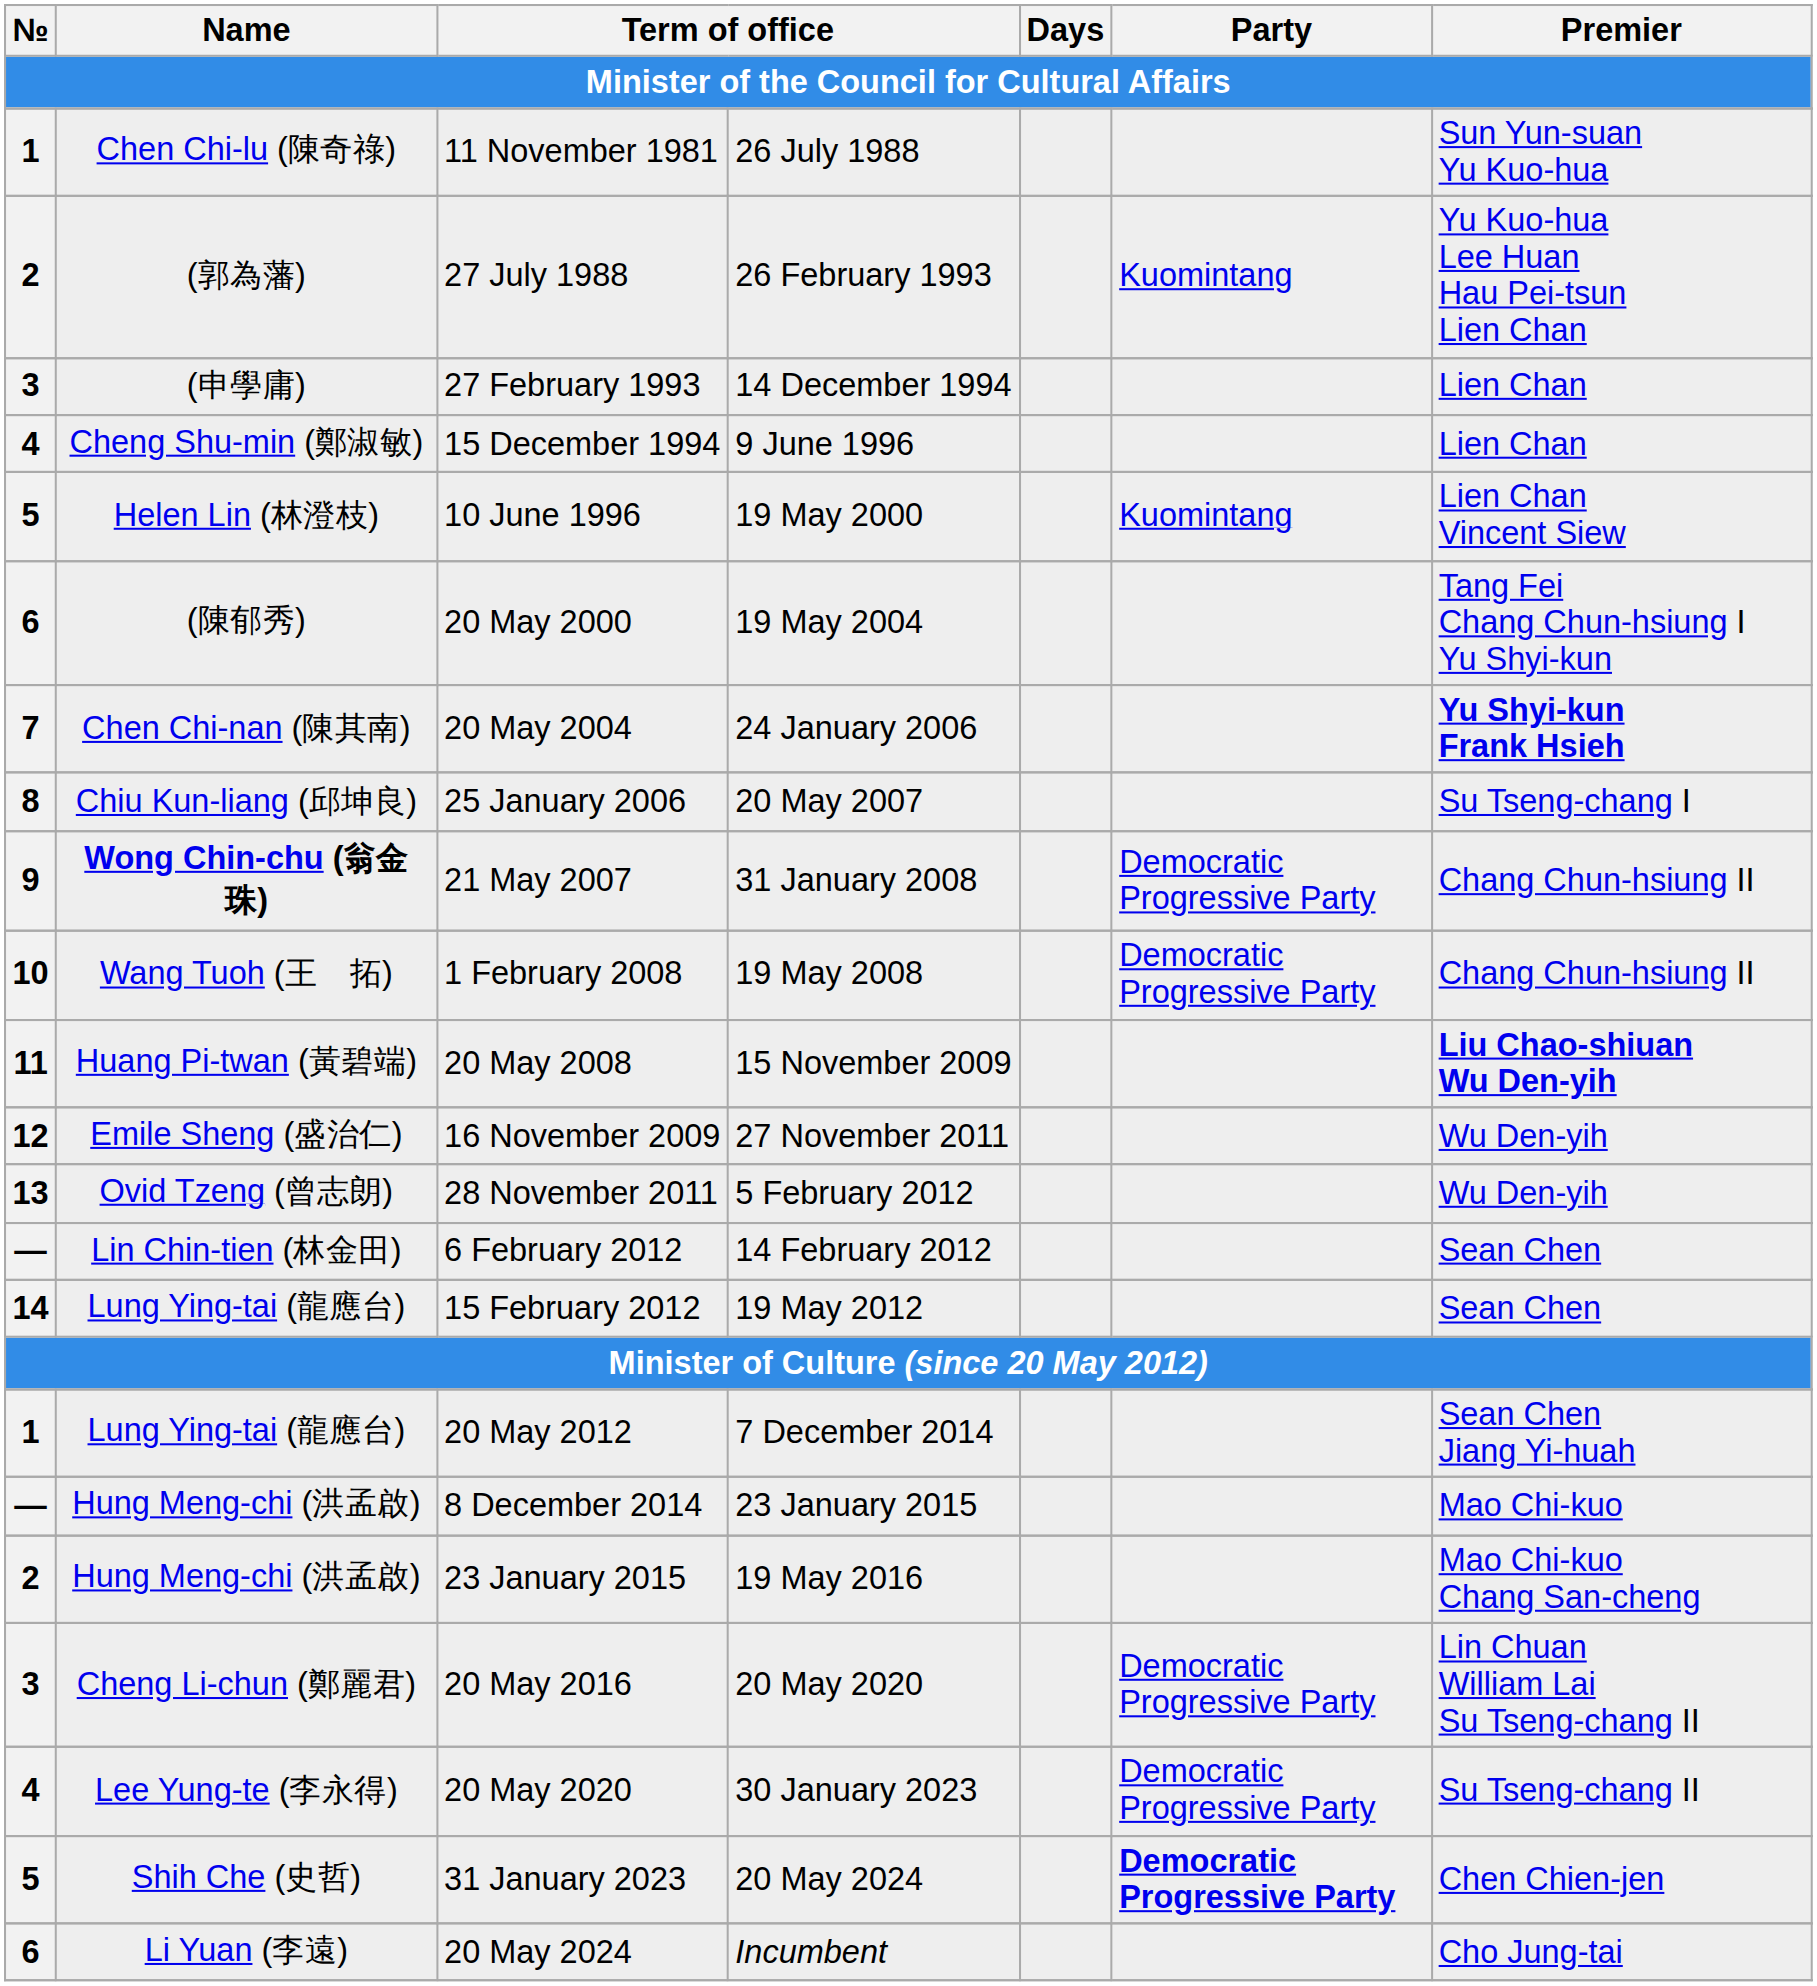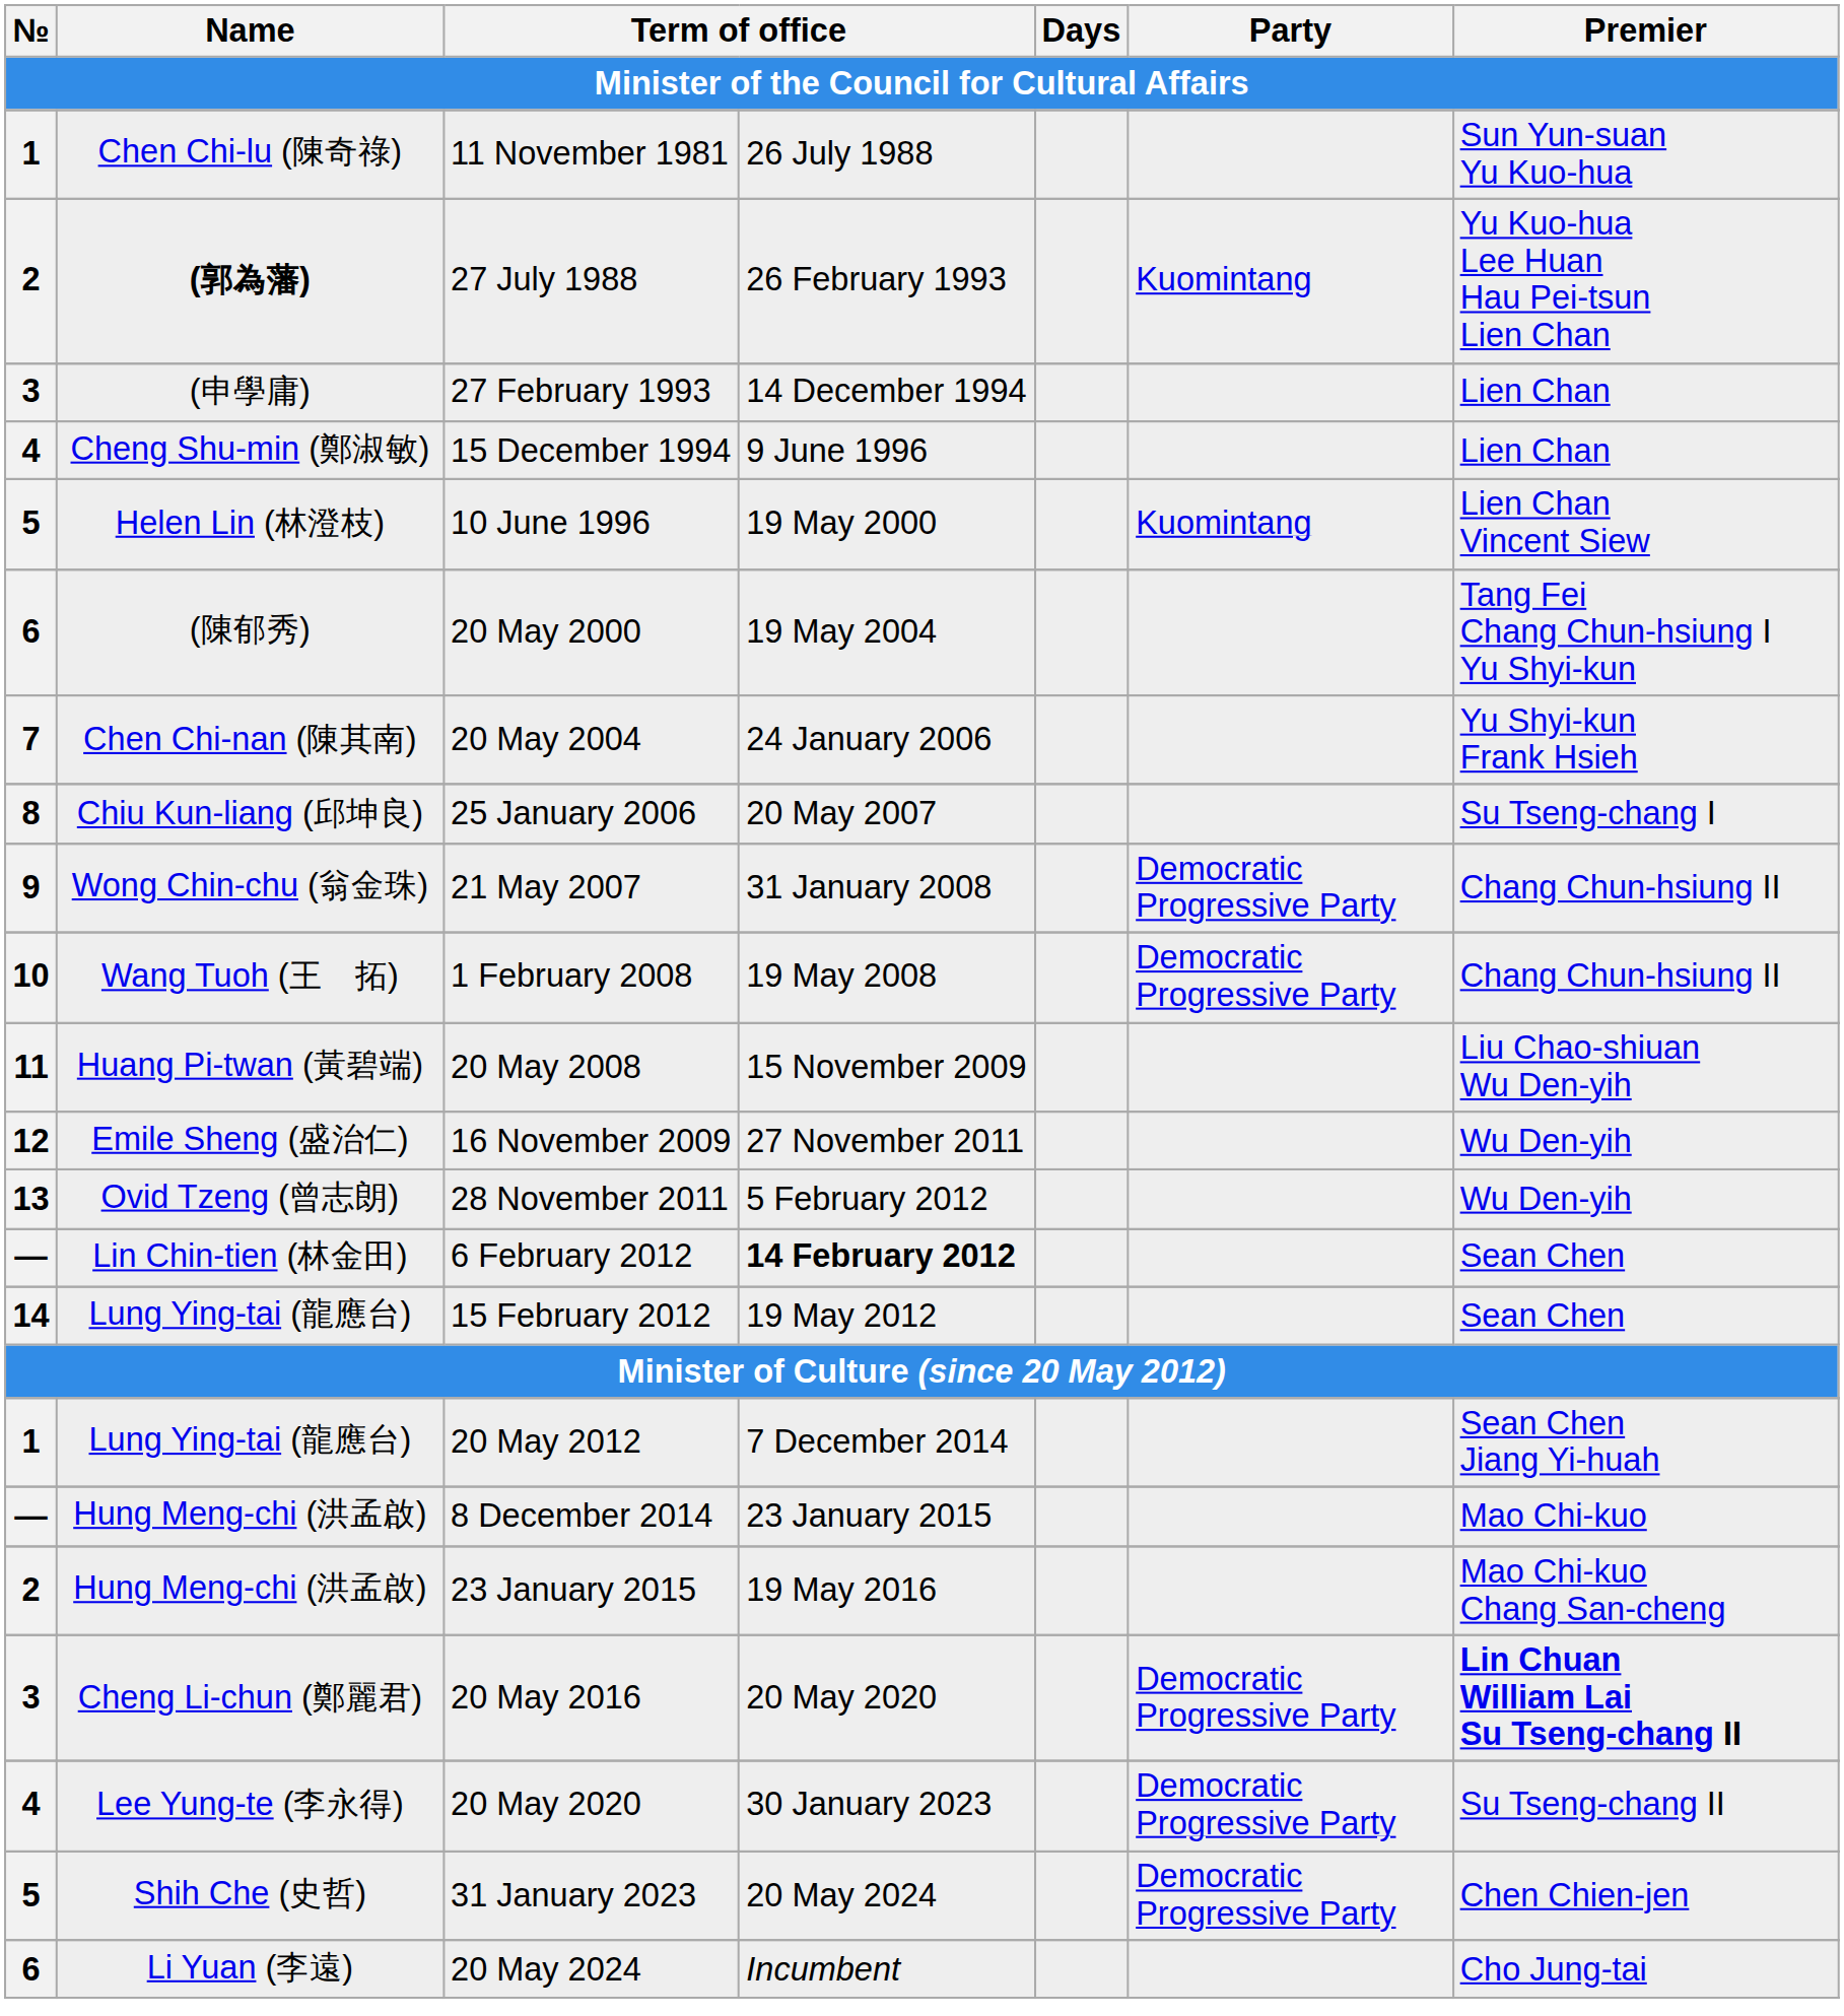 <table class="wikitable">
 <tr ->
 <th>№</th>
 <th width="180">Name</th>
 <th colspan=2 width="180">Term of office</th>
 <th>Days</th>
 <th width="150">Party</th>
 <th width="180">Premier</th>
 </tr>
 <tr ->
 <th colspan=7 style="background:#318CE7; color:white;">Minister of the Council for Cultural Affairs</th>
 </tr>
 <tr ->
 </tr>
 <tr - bgcolor=#EEEEEE>
 <th style="background:">1</th>
 <td align=center><a href='#'>Chen Chi-lu</a> (陳奇祿)</td>
 <td>11 November 1981</td>
 <td>26 July 1988</td>
 <td></td>
 <td></td>
 <td><a href='#'>Sun Yun-suan</a><br><a href='#'>Yu Kuo-hua</a></td>
 </tr>
 <tr ->
 </tr>
 <tr - bgcolor=#EEEEEE>
 <th style="background:">2</th>
-<td align=center> (郭為藩)</td>
+<td align=center><strong> (郭為藩)</strong></td>
 <td>27 July 1988</td>
 <td>26 February 1993</td>
 <td></td>
 <td><a href='#'>Kuomintang</a></td>
 <td><a href='#'>Yu Kuo-hua</a><br><a href='#'>Lee Huan</a><br><a href='#'>Hau Pei-tsun</a><br><a href='#'>Lien Chan</a></td>
 </tr>
 <tr ->
 </tr>
 <tr - bgcolor=#EEEEEE>
 <th style="background:">3</th>
 <td align=center> (申學庸)</td>
 <td>27 February 1993</td>
 <td>14 December 1994</td>
 <td></td>
 <td></td>
 <td><a href='#'>Lien Chan</a></td>
 </tr>
 <tr ->
 </tr>
 <tr - bgcolor=#EEEEEE>
 <th style="background:">4</th>
 <td align=center><a href='#'>Cheng Shu-min</a> (鄭淑敏)</td>
 <td>15 December 1994</td>
 <td>9 June 1996</td>
 <td></td>
 <td></td>
 <td><a href='#'>Lien Chan</a></td>
 </tr>
 <tr ->
 </tr>
 <tr - bgcolor=#EEEEEE>
 <th style="background:">5</th>
 <td align=center><a href='#'>Helen Lin</a> (林澄枝)</td>
 <td>10 June 1996</td>
 <td>19 May 2000</td>
 <td></td>
 <td><a href='#'>Kuomintang</a></td>
 <td><a href='#'>Lien Chan</a><br><a href='#'>Vincent Siew</a></td>
 </tr>
 <tr ->
 </tr>
 <tr - bgcolor=#EEEEEE>
 <th style="background:">6</th>
 <td align=center> (陳郁秀)</td>
 <td>20 May 2000</td>
 <td>19 May 2004</td>
 <td></td>
 <td></td>
 <td><a href='#'>Tang Fei</a><br><a href='#'>Chang Chun-hsiung</a> I<br><a href='#'>Yu Shyi-kun</a></td>
 </tr>
 <tr ->
 </tr>
 <tr - bgcolor=#EEEEEE>
 <th style="background:">7</th>
 <td align=center><a href='#'>Chen Chi-nan</a> (陳其南)</td>
 <td>20 May 2004</td>
 <td>24 January 2006</td>
 <td></td>
 <td></td>
-<td><strong><a href='#'>Yu Shyi-kun</a><br><a href='#'>Frank Hsieh</a></strong></td>
+<td><a href='#'>Yu Shyi-kun</a><br><a href='#'>Frank Hsieh</a></td>
 </tr>
 <tr ->
 </tr>
 <tr - bgcolor=#EEEEEE>
 <th style="background:">8</th>
 <td align=center><a href='#'>Chiu Kun-liang</a> (邱坤良)</td>
 <td>25 January 2006</td>
 <td>20 May 2007</td>
 <td></td>
 <td></td>
 <td><a href='#'>Su Tseng-chang</a> I</td>
 </tr>
 <tr ->
 </tr>
 <tr - bgcolor=#EEEEEE>
 <th style="background:">9</th>
-<td align=center><strong><a href='#'>Wong Chin-chu</a> (翁金珠)</strong></td>
+<td align=center><a href='#'>Wong Chin-chu</a> (翁金珠)</td>
 <td>21 May 2007</td>
 <td>31 January 2008</td>
 <td></td>
 <td><a href='#'>Democratic Progressive Party</a></td>
 <td><a href='#'>Chang Chun-hsiung</a> II</td>
 </tr>
 <tr ->
 </tr>
 <tr - bgcolor=#EEEEEE>
 <th style="background:">10</th>
 <td align=center><a href='#'>Wang Tuoh</a> (王　拓)</td>
 <td>1 February 2008</td>
 <td>19 May 2008</td>
 <td></td>
 <td><a href='#'>Democratic Progressive Party</a></td>
 <td><a href='#'>Chang Chun-hsiung</a> II</td>
 </tr>
 <tr ->
 </tr>
 <tr - bgcolor=#EEEEEE>
 <th style="background:">11</th>
 <td align=center><a href='#'>Huang Pi-twan</a> (黃碧端)</td>
 <td>20 May 2008</td>
 <td>15 November 2009</td>
 <td></td>
 <td></td>
-<td><strong><a href='#'>Liu Chao-shiuan</a><br><a href='#'>Wu Den-yih</a></strong></td>
+<td><a href='#'>Liu Chao-shiuan</a><br><a href='#'>Wu Den-yih</a></td>
 </tr>
 <tr ->
 </tr>
 <tr - bgcolor=#EEEEEE>
 <th style="background:">12</th>
 <td align=center><a href='#'>Emile Sheng</a> (盛治仁)</td>
 <td>16 November 2009</td>
 <td>27 November 2011</td>
 <td></td>
 <td></td>
 <td><a href='#'>Wu Den-yih</a></td>
 </tr>
 <tr ->
 </tr>
 <tr - bgcolor=#EEEEEE>
 <th style="background:">13</th>
 <td align=center><a href='#'>Ovid Tzeng</a> (曾志朗)</td>
 <td>28 November 2011</td>
 <td>5 February 2012</td>
 <td></td>
 <td></td>
 <td><a href='#'>Wu Den-yih</a></td>
 </tr>
 <tr ->
 </tr>
 <tr - bgcolor=#EEEEEE>
 <th style="background:">—</th>
 <td align=center><a href='#'>Lin Chin-tien</a> (林金田)</td>
 <td>6 February 2012</td>
-<td>14 February 2012</td>
+<td><strong>14 February 2012</strong></td>
 <td></td>
 <td></td>
 <td><a href='#'>Sean Chen</a></td>
 </tr>
 <tr ->
 </tr>
 <tr - bgcolor=#EEEEEE>
 <th style="background:">14</th>
 <td align=center><a href='#'>Lung Ying-tai</a> (龍應台)</td>
 <td>15 February 2012</td>
 <td>19 May 2012</td>
 <td></td>
 <td></td>
 <td><a href='#'>Sean Chen</a></td>
 </tr>
 <tr ->
 <th colspan=7 style="background:#318CE7; color:white;">Minister of Culture <em>(since 20 May 2012)</em></th>
 </tr>
 <tr ->
 </tr>
 <tr - bgcolor=#EEEEEE>
 <th style="background:">1</th>
 <td align=center><a href='#'>Lung Ying-tai</a> (龍應台)</td>
 <td>20 May 2012</td>
 <td>7 December 2014</td>
 <td></td>
 <td></td>
 <td><a href='#'>Sean Chen</a><br><a href='#'>Jiang Yi-huah</a></td>
 </tr>
 <tr ->
 </tr>
 <tr - bgcolor=#EEEEEE>
 <th style="background:">—</th>
 <td align=center><a href='#'>Hung Meng-chi</a> (洪孟啟)</td>
 <td>8 December 2014</td>
 <td>23 January 2015</td>
 <td></td>
 <td></td>
 <td><a href='#'>Mao Chi-kuo</a></td>
 </tr>
 <tr ->
 </tr>
 <tr - bgcolor=#EEEEEE>
 <th style="background:">2</th>
 <td align=center><a href='#'>Hung Meng-chi</a> (洪孟啟)</td>
 <td>23 January 2015</td>
 <td>19 May 2016</td>
 <td></td>
 <td></td>
 <td><a href='#'>Mao Chi-kuo</a><br><a href='#'>Chang San-cheng</a></td>
 </tr>
 <tr ->
 </tr>
 <tr - bgcolor=#EEEEEE>
 <th style="background:">3</th>
 <td align=center><a href='#'>Cheng Li-chun</a> (鄭麗君)</td>
 <td>20 May 2016</td>
 <td>20 May 2020</td>
 <td></td>
 <td><a href='#'>Democratic Progressive Party</a></td>
-<td><a href='#'>Lin Chuan</a><br><a href='#'>William Lai</a><br><a href='#'>Su Tseng-chang</a> II</td>
+<td><strong><a href='#'>Lin Chuan</a><br><a href='#'>William Lai</a><br><a href='#'>Su Tseng-chang</a> II</strong></td>
 </tr>
 <tr ->
 </tr>
 <tr - bgcolor=#EEEEEE>
 <th style="background:">4</th>
 <td align=center><a href='#'>Lee Yung-te</a> (李永得)</td>
 <td>20 May 2020</td>
 <td>30 January 2023</td>
 <td></td>
 <td><a href='#'>Democratic Progressive Party</a></td>
 <td><a href='#'>Su Tseng-chang</a> II</td>
 </tr>
 <tr ->
 </tr>
 <tr - bgcolor=#EEEEEE>
 <th style="background:">5</th>
 <td align=center><a href='#'>Shih Che</a> (史哲)</td>
 <td>31 January 2023</td>
 <td>20 May 2024</td>
 <td></td>
-<td><strong><a href='#'>Democratic Progressive Party</a></strong></td>
+<td><a href='#'>Democratic Progressive Party</a></td>
 <td><a href='#'>Chen Chien-jen</a></td>
 </tr>
 <tr ->
 </tr>
 <tr - bgcolor=#EEEEEE>
 <th style="background:">6</th>
 <td align=center><a href='#'>Li Yuan</a> (李遠)</td>
 <td>20 May 2024</td>
 <td><em>Incumbent</em></td>
 <td></td>
 <td></td>
 <td><a href='#'>Cho Jung-tai</a></td>
 </tr>
 <tr ->
 </tr>
 </table>
